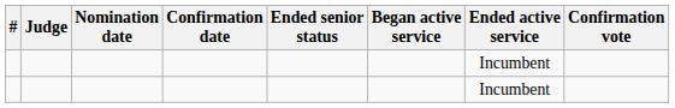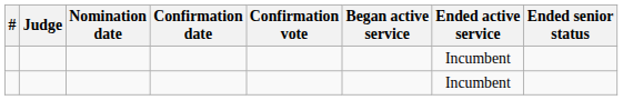 <table class="sortable wikitable">
 <tr>
 <th>#</th>
 <th>Judge</th>
 <th>Nomination<br>date</th>
 <th>Confirmation<br>date</th>
-<th>Ended senior<br>status</th>
+<th>Confirmation<br>vote</th>
 <th>Began active<br>service</th>
 <th>Ended active<br>service</th>
-<th>Confirmation<br>vote</th>
+<th>Ended senior<br>status</th>
 </tr>
 <tr>
 <td></td>
 <td></td>
 <td></td>
 <td></td>
 <td align="center"></td>
 <td></td>
 <td align="center">Incumbent</td>
 <td align="center"></td>
 </tr>
 <tr>
 <td></td>
 <td></td>
 <td></td>
 <td></td>
 <td align="center"></td>
 <td></td>
 <td align="center">Incumbent</td>
 <td align="center"></td>
 </tr>
 </table>
